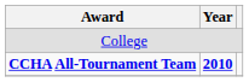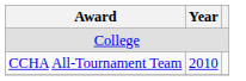 <table class="wikitable">
 <tr>
 <th>Award</th>
 <th>Year</th>
 <th></th>
 </tr>
 <tr ALIGN="center" bgcolor="#e0e0e0">
 <td colspan="3"><a href='#'>College</a></td>
 </tr>
 <tr>
-<td><strong><a href='#'>CCHA</a> <a href='#'>All-Tournament Team</a></strong></td>
-<td><strong><a href='#'>2010</a></strong></td>
+<td><a href='#'>CCHA</a> <a href='#'>All-Tournament Team</a></td>
+<td><a href='#'>2010</a></td>
 <td></td>
 </tr>
 <tr>
 </tr>
 </table>
